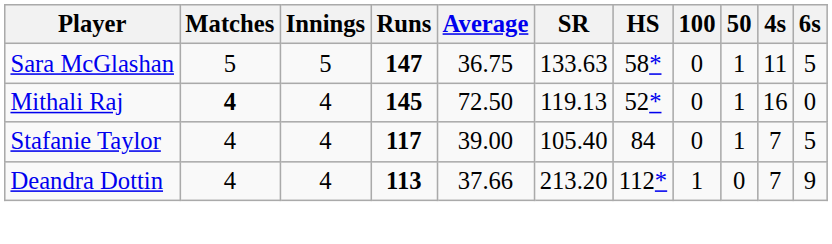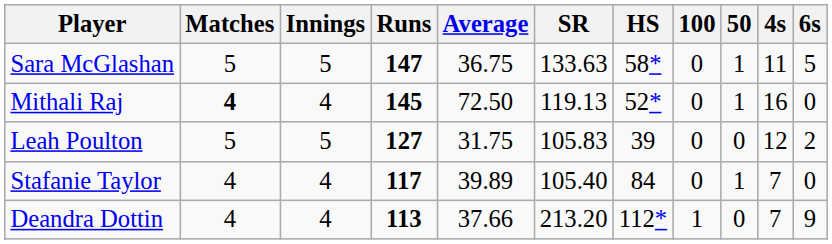 <table class="wikitable" style="text-align: center;">
 <tr>
 <th>Player</th>
 <th>Matches</th>
 <th>Innings</th>
 <th>Runs</th>
 <th><a href='#'>Average</a></th>
 <th>SR</th>
 <th>HS</th>
 <th>100</th>
 <th>50</th>
 <th>4s</th>
 <th>6s</th>
 </tr>
 <tr>
 <td style="text-align:left"> <a href='#'>Sara McGlashan</a></td>
 <td>5</td>
 <td>5</td>
 <td><strong>147</strong></td>
 <td>36.75</td>
 <td>133.63</td>
 <td>58<a href='#'>*</a></td>
 <td>0</td>
 <td>1</td>
 <td>11</td>
 <td>5</td>
 </tr>
 <tr>
 <td style="text-align:left"> <a href='#'>Mithali Raj</a></td>
 <td><strong>4</strong></td>
 <td>4</td>
 <td><strong>145</strong></td>
 <td>72.50</td>
 <td>119.13</td>
 <td>52<a href='#'>*</a></td>
 <td>0</td>
 <td>1</td>
 <td>16</td>
 <td>0</td>
 </tr>
 <tr>
+<td style="text-align:left"> <a href='#'>Leah Poulton</a></td>
+<td>5</td>
+<td>5</td>
+<td><strong>127</strong></td>
+<td>31.75</td>
+<td>105.83</td>
+<td>39</td>
+<td>0</td>
+<td>0</td>
+<td>12</td>
+<td>2</td>
+</tr>
+<tr>
 <td style="text-align:left"> <a href='#'>Stafanie Taylor</a></td>
 <td>4</td>
 <td>4</td>
 <td><strong>117</strong></td>
-<td>39.00</td>
+<td>39.89</td>
 <td>105.40</td>
 <td>84</td>
 <td>0</td>
 <td>1</td>
 <td>7</td>
-<td>5</td>
+<td>0</td>
 </tr>
 <tr>
 <td style="text-align:left"> <a href='#'>Deandra Dottin</a></td>
 <td>4</td>
 <td>4</td>
 <td><strong>113</strong></td>
 <td>37.66</td>
 <td>213.20</td>
 <td>112<a href='#'>*</a></td>
 <td>1</td>
 <td>0</td>
 <td>7</td>
 <td>9</td>
 </tr>
 </table>
